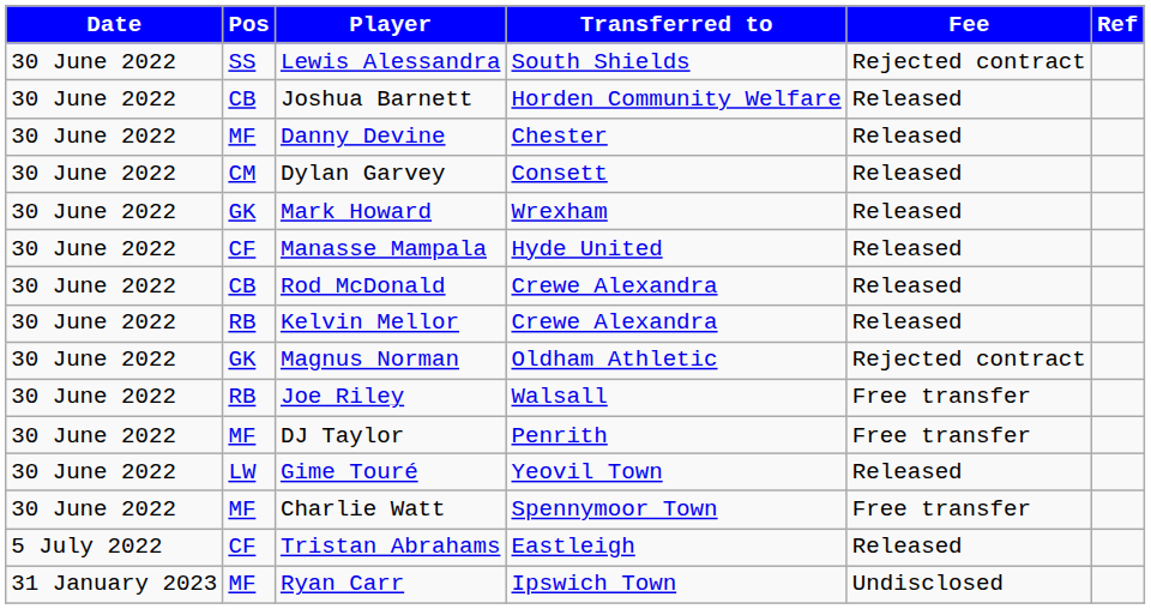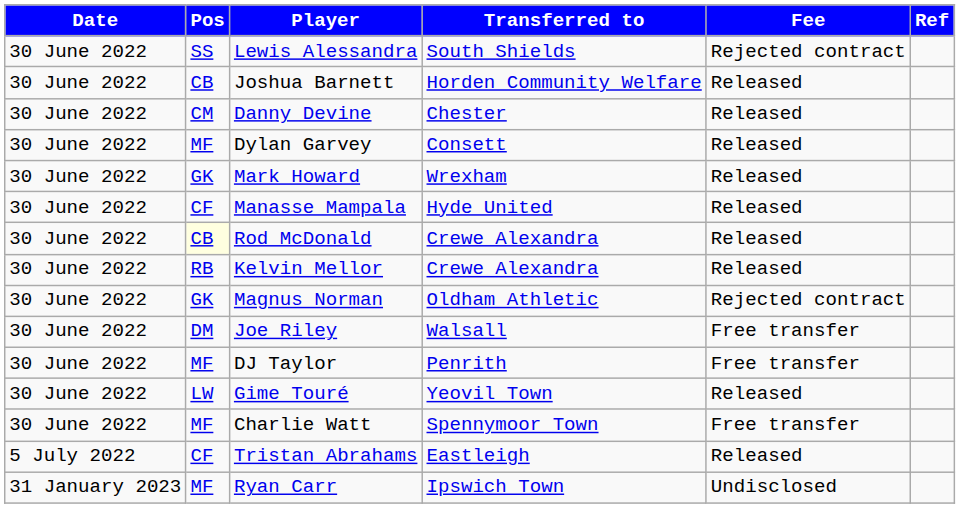 <table class="wikitable plainrowheaders sortable">
 <tr>
 <th style="background:#0000FF; color:#ffffff; ">Date</th>
 <th style="background:#0000FF; color:#ffffff; ">Pos</th>
 <th style="background:#0000FF; color:#ffffff; ">Player</th>
 <th style="background:#0000FF; color:#ffffff; ">Transferred to</th>
 <th style="background:#0000FF; color:#ffffff; ">Fee</th>
 <th style="background:#0000FF; color:#ffffff; ">Ref</th>
 </tr>
 <tr>
 <td>30 June 2022</td>
 <td><a href='#'>SS</a></td>
 <td> <a href='#'>Lewis Alessandra</a></td>
 <td> <a href='#'>South Shields</a></td>
 <td>Rejected contract</td>
 <td></td>
 </tr>
 <tr>
 <td>30 June 2022</td>
 <td><a href='#'>CB</a></td>
 <td> Joshua Barnett</td>
 <td> <a href='#'>Horden Community Welfare</a></td>
 <td>Released</td>
 <td></td>
 </tr>
 <tr>
 <td>30 June 2022</td>
-<td><a href='#'>MF</a></td>
+<td><a href='#'>CM</a></td>
 <td> <a href='#'>Danny Devine</a></td>
 <td> <a href='#'>Chester</a></td>
 <td>Released</td>
 <td></td>
 </tr>
 <tr>
 <td>30 June 2022</td>
-<td><a href='#'>CM</a></td>
+<td><a href='#'>MF</a></td>
 <td> Dylan Garvey</td>
 <td> <a href='#'>Consett</a></td>
 <td>Released</td>
 <td></td>
 </tr>
 <tr>
 <td>30 June 2022</td>
 <td><a href='#'>GK</a></td>
 <td> <a href='#'>Mark Howard</a></td>
 <td> <a href='#'>Wrexham</a></td>
 <td>Released</td>
 <td></td>
 </tr>
 <tr>
 <td>30 June 2022</td>
 <td><a href='#'>CF</a></td>
 <td> <a href='#'>Manasse Mampala</a></td>
 <td> <a href='#'>Hyde United</a></td>
 <td>Released</td>
 <td></td>
 </tr>
 <tr>
 <td>30 June 2022</td>
-<td><a href='#'>CB</a></td>
+<td style="background: lightyellow;"><a href='#'>CB</a></td>
 <td> <a href='#'>Rod McDonald</a></td>
 <td> <a href='#'>Crewe Alexandra</a></td>
 <td>Released</td>
 <td></td>
 </tr>
 <tr>
 <td>30 June 2022</td>
 <td><a href='#'>RB</a></td>
 <td> <a href='#'>Kelvin Mellor</a></td>
 <td> <a href='#'>Crewe Alexandra</a></td>
 <td>Released</td>
 <td></td>
 </tr>
 <tr>
 <td>30 June 2022</td>
 <td><a href='#'>GK</a></td>
 <td> <a href='#'>Magnus Norman</a></td>
 <td> <a href='#'>Oldham Athletic</a></td>
 <td>Rejected contract</td>
 <td></td>
 </tr>
 <tr>
 <td>30 June 2022</td>
-<td><a href='#'>RB</a></td>
+<td><a href='#'>DM</a></td>
 <td> <a href='#'>Joe Riley</a></td>
 <td> <a href='#'>Walsall</a></td>
 <td>Free transfer</td>
 <td></td>
 </tr>
 <tr>
 <td>30 June 2022</td>
 <td><a href='#'>MF</a></td>
 <td> DJ Taylor</td>
 <td> <a href='#'>Penrith</a></td>
 <td>Free transfer</td>
 <td></td>
 </tr>
 <tr>
 <td>30 June 2022</td>
 <td><a href='#'>LW</a></td>
 <td> <a href='#'>Gime Touré</a></td>
 <td> <a href='#'>Yeovil Town</a></td>
 <td>Released</td>
 <td></td>
 </tr>
 <tr>
 <td>30 June 2022</td>
 <td><a href='#'>MF</a></td>
 <td> Charlie Watt</td>
 <td> <a href='#'>Spennymoor Town</a></td>
 <td>Free transfer</td>
 <td></td>
 </tr>
 <tr>
 <td>5 July 2022</td>
 <td><a href='#'>CF</a></td>
 <td> <a href='#'>Tristan Abrahams</a></td>
 <td> <a href='#'>Eastleigh</a></td>
 <td>Released</td>
 <td></td>
 </tr>
 <tr>
 <td>31 January 2023</td>
 <td><a href='#'>MF</a></td>
 <td> <a href='#'>Ryan Carr</a></td>
 <td> <a href='#'>Ipswich Town</a></td>
 <td>Undisclosed</td>
 <td></td>
 </tr>
 </table>
